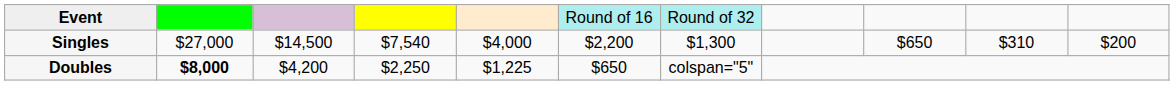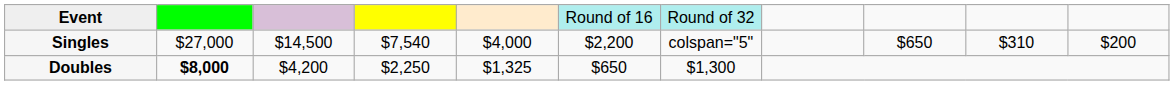 <table class=wikitable style=font-size:90%;text-align:center>
 <tr>
 <td style="width:130px; background:#efefef;"><strong>Event</strong></td>
 <td style="width:80px; background:lime;"></td>
 <td style="width:85px; background:thistle;"></td>
 <td style="width:85px; background:#ff0;"></td>
 <td style="width:85px; background:#ffebcd;"></td>
 <td style="width:85px; background:#afeeee;">Round of 16</td>
 <td style="width:85px; background:#afeeee;">Round of 32</td>
 <td width=85></td>
 <td width=85></td>
 <td width=85></td>
 <td width=85></td>
 </tr>
 <tr>
 <th style="background:#f6f6f6;">Singles</th>
 <td>$27,000</td>
 <td>$14,500</td>
 <td>$7,540</td>
 <td>$4,000</td>
 <td>$2,200</td>
-<td>$1,300</td>
+<td>colspan="5" </td>
 <td></td>
 <td>$650</td>
 <td>$310</td>
 <td>$200</td>
 </tr>
 <tr>
 <th style="background:#f6f6f6;">Doubles</th>
 <td><strong>$8,000</strong></td>
 <td>$4,200</td>
 <td>$2,250</td>
-<td>$1,225</td>
+<td>$1,325</td>
 <td>$650</td>
-<td>colspan="5" </td>
+<td>$1,300</td>
 </tr>
 </table>
